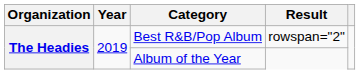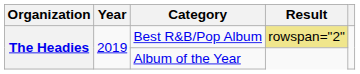 <table class="wikitable sortable plainrowheaders" style="border:none; margin:0;">
 <tr>
 <th scope="col">Organization</th>
 <th scope="col">Year</th>
 <th scope="col">Category</th>
 <th scope="col">Result</th>
 <th class="unsortable" scope="col"></th>
 </tr>
 <tr>
 <th scope="row" rowspan="2"><a href='#'>The Headies</a></th>
 <td rowspan="2"><a href='#'>2019</a></td>
 <td><a href='#'>Best R&B/Pop Album</a></td>
-<td>rowspan="2" </td>
+<td style="background: khaki;">rowspan="2" </td>
 <td rowspan="2"></td>
 </tr>
 <tr>
 <td><a href='#'>Album of the Year</a></td>
 </tr>
 <tr>
 </tr>
 </table>
